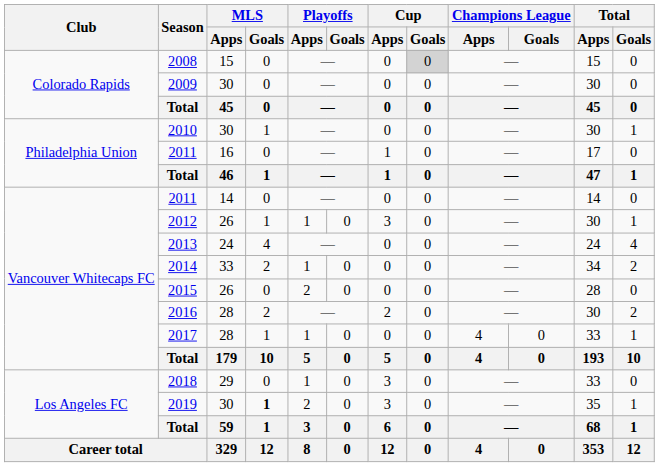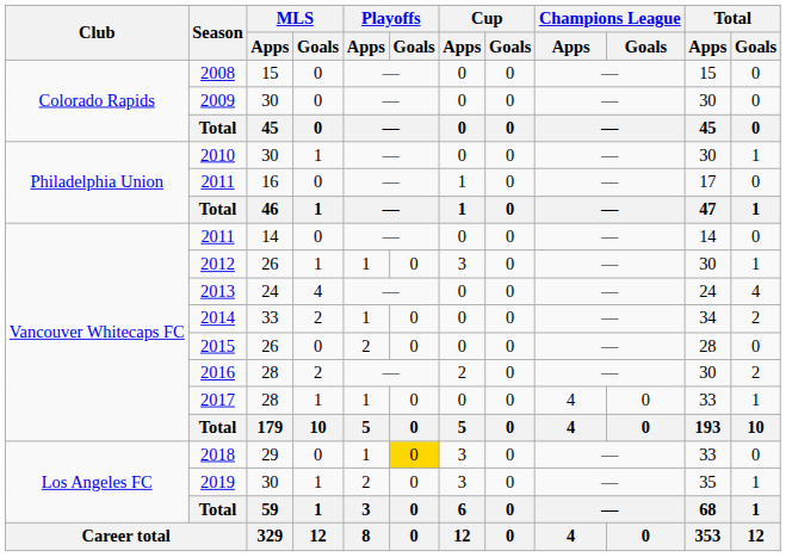 <table class="wikitable" style="text-align:center">
 <tr>
 <th rowspan="2">Club</th>
 <th rowspan="2">Season</th>
 <th colspan="2"><a href='#'>MLS</a></th>
 <th colspan="2"><a href='#'>Playoffs</a></th>
 <th colspan="2">Cup</th>
 <th colspan="2"><a href='#'>Champions League</a></th>
 <th colspan="2">Total</th>
 </tr>
 <tr>
 <th>Apps</th>
 <th>Goals</th>
 <th>Apps</th>
 <th>Goals</th>
 <th>Apps</th>
 <th>Goals</th>
 <th>Apps</th>
 <th>Goals</th>
 <th>Apps</th>
 <th>Goals</th>
 </tr>
 <tr>
 <td rowspan="3"><a href='#'>Colorado Rapids</a></td>
 <td><a href='#'>2008</a></td>
 <td>15</td>
 <td>0</td>
 <td colspan="2">—</td>
 <td>0</td>
-<td style="background: lightgrey;">0</td>
+<td>0</td>
 <td colspan="2">—</td>
 <td>15</td>
 <td>0</td>
 </tr>
 <tr>
 <td><a href='#'>2009</a></td>
 <td>30</td>
 <td>0</td>
 <td colspan="2">—</td>
 <td>0</td>
 <td>0</td>
 <td colspan="2">—</td>
 <td>30</td>
 <td>0</td>
 </tr>
 <tr>
 <th>Total</th>
 <th>45</th>
 <th>0</th>
 <th colspan="2">—</th>
 <th>0</th>
 <th>0</th>
 <th colspan="2">—</th>
 <th>45</th>
 <th>0</th>
 </tr>
 <tr>
 <td rowspan="3"><a href='#'>Philadelphia Union</a></td>
 <td><a href='#'>2010</a></td>
 <td>30</td>
 <td>1</td>
 <td colspan="2">—</td>
 <td>0</td>
 <td>0</td>
 <td colspan="2">—</td>
 <td>30</td>
 <td>1</td>
 </tr>
 <tr>
 <td><a href='#'>2011</a></td>
 <td>16</td>
 <td>0</td>
 <td colspan="2">—</td>
 <td>1</td>
 <td>0</td>
 <td colspan="2">—</td>
 <td>17</td>
 <td>0</td>
 </tr>
 <tr>
 <th>Total</th>
 <th>46</th>
 <th>1</th>
 <th colspan="2">—</th>
 <th>1</th>
 <th>0</th>
 <th colspan="2">—</th>
 <th>47</th>
 <th>1</th>
 </tr>
 <tr>
 <td rowspan="8"><a href='#'>Vancouver Whitecaps FC</a></td>
 <td><a href='#'>2011</a></td>
 <td>14</td>
 <td>0</td>
 <td colspan="2">—</td>
 <td>0</td>
 <td>0</td>
 <td colspan="2">—</td>
 <td>14</td>
 <td>0</td>
 </tr>
 <tr>
 <td><a href='#'>2012</a></td>
 <td>26</td>
 <td>1</td>
 <td>1</td>
 <td>0</td>
 <td>3</td>
 <td>0</td>
 <td colspan="2">—</td>
 <td>30</td>
 <td>1</td>
 </tr>
 <tr>
 <td><a href='#'>2013</a></td>
 <td>24</td>
 <td>4</td>
 <td colspan="2">—</td>
 <td>0</td>
 <td>0</td>
 <td colspan="2">—</td>
 <td>24</td>
 <td>4</td>
 </tr>
 <tr>
 <td><a href='#'>2014</a></td>
 <td>33</td>
 <td>2</td>
 <td>1</td>
 <td>0</td>
 <td>0</td>
 <td>0</td>
 <td colspan="2">—</td>
 <td>34</td>
 <td>2</td>
 </tr>
 <tr>
 <td><a href='#'>2015</a></td>
 <td>26</td>
 <td>0</td>
 <td>2</td>
 <td>0</td>
 <td>0</td>
 <td>0</td>
 <td colspan="2">—</td>
 <td>28</td>
 <td>0</td>
 </tr>
 <tr>
 <td><a href='#'>2016</a></td>
 <td>28</td>
 <td>2</td>
 <td colspan="2">—</td>
 <td>2</td>
 <td>0</td>
 <td colspan="2">—</td>
 <td>30</td>
 <td>2</td>
 </tr>
 <tr>
 <td><a href='#'>2017</a></td>
 <td>28</td>
 <td>1</td>
 <td>1</td>
 <td>0</td>
 <td>0</td>
 <td>0</td>
 <td>4</td>
 <td>0</td>
 <td>33</td>
 <td>1</td>
 </tr>
 <tr>
 <th>Total</th>
 <th>179</th>
 <th>10</th>
 <th>5</th>
 <th>0</th>
 <th>5</th>
 <th>0</th>
 <th>4</th>
 <th>0</th>
 <th>193</th>
 <th>10</th>
 </tr>
 <tr>
 <td rowspan="3"><a href='#'>Los Angeles FC</a></td>
 <td><a href='#'>2018</a></td>
 <td>29</td>
 <td>0</td>
 <td>1</td>
-<td>0</td>
+<td style="background: gold;">0</td>
 <td>3</td>
 <td>0</td>
 <td colspan="2">—</td>
 <td>33</td>
 <td>0</td>
 </tr>
 <tr>
 <td><a href='#'>2019</a></td>
 <td>30</td>
-<td><strong>1</strong></td>
+<td>1</td>
 <td>2</td>
 <td>0</td>
 <td>3</td>
 <td>0</td>
 <td colspan="2">—</td>
 <td>35</td>
 <td>1</td>
 </tr>
 <tr>
 <th>Total</th>
 <th>59</th>
 <th>1</th>
 <th>3</th>
 <th>0</th>
 <th>6</th>
 <th>0</th>
 <th colspan="2">—</th>
 <th>68</th>
 <th>1</th>
 </tr>
 <tr>
 <th colspan="2">Career total</th>
 <th>329</th>
 <th>12</th>
 <th>8</th>
 <th>0</th>
 <th>12</th>
 <th>0</th>
 <th>4</th>
 <th>0</th>
 <th>353</th>
 <th>12</th>
 </tr>
 </table>
